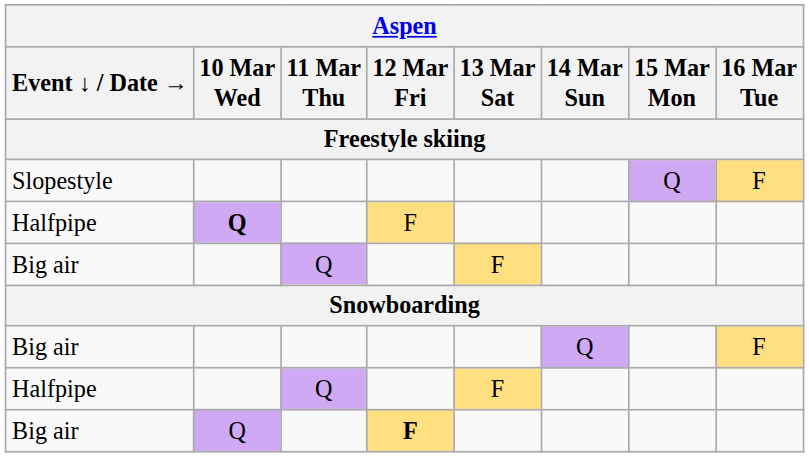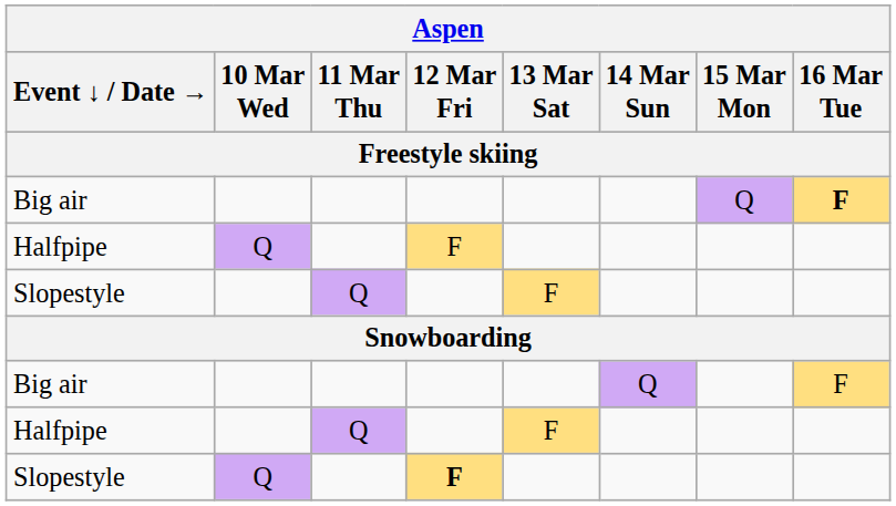 <table class="wikitable" style="margin:0.5em auto; font-size:90%; line-height:1.25em; text-align:center">
 <tr>
 <th colspan=8> <a href='#'>Aspen</a></th>
 </tr>
 <tr>
 <th>Event ↓ / Date →</th>
 <th>10 Mar<br>Wed</th>
 <th>11 Mar<br>Thu</th>
 <th>12 Mar<br>Fri</th>
 <th>13 Mar<br>Sat</th>
 <th>14 Mar<br>Sun</th>
 <th>15 Mar<br>Mon</th>
 <th>16 Mar<br>Tue</th>
 </tr>
 <tr>
 <th colspan=8>Freestyle skiing</th>
 </tr>
 <tr>
-<td style="text-align:left;">Slopestyle</td>
+<td style="text-align:left;">Big air</td>
 <td></td>
 <td></td>
 <td></td>
 <td></td>
 <td></td>
 <td style="background-color:#D0A9F5;">Q</td>
-<td style="background-color:#FFDF80;">F</td>
+<td style="background-color:#FFDF80;"><strong>F</strong></td>
 </tr>
 <tr>
 <td style="text-align:left;">Halfpipe</td>
-<td style="background-color:#D0A9F5;"><strong>Q</strong></td>
+<td style="background-color:#D0A9F5;">Q</td>
 <td></td>
 <td style="background-color:#FFDF80;">F</td>
 <td></td>
 <td></td>
 <td></td>
 <td></td>
 </tr>
 <tr>
-<td style="text-align:left;">Big air</td>
+<td style="text-align:left;">Slopestyle</td>
 <td></td>
 <td style="background-color:#D0A9F5;">Q</td>
 <td></td>
 <td style="background-color:#FFDF80;">F</td>
 <td></td>
 <td></td>
 <td></td>
 </tr>
 <tr>
 <th colspan=8>Snowboarding</th>
 </tr>
 <tr>
 <td style="text-align:left;">Big air</td>
 <td></td>
 <td></td>
 <td></td>
 <td></td>
 <td style="background-color:#D0A9F5;">Q</td>
 <td></td>
 <td style="background-color:#FFDF80;">F</td>
 </tr>
 <tr>
 <td style="text-align:left;">Halfpipe</td>
 <td></td>
 <td style="background-color:#D0A9F5;">Q</td>
 <td></td>
 <td style="background-color:#FFDF80;">F</td>
 <td></td>
 <td></td>
 <td></td>
 </tr>
 <tr>
-<td style="text-align:left;">Big air</td>
+<td style="text-align:left;">Slopestyle</td>
 <td style="background-color:#D0A9F5;">Q</td>
 <td></td>
 <td style="background-color:#FFDF80;"><strong>F</strong></td>
 <td></td>
 <td></td>
 <td></td>
 <td></td>
 </tr>
 </table>
